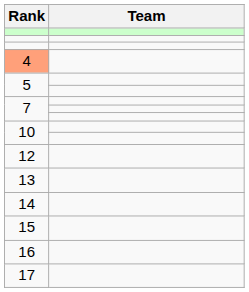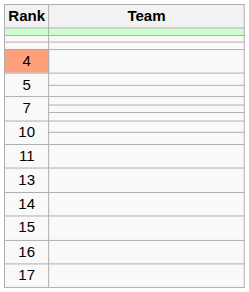 <table class="wikitable" style="text-align:center">
 <tr>
 <th width=40>Rank</th>
 <th width=200>Team</th>
 </tr>
 <tr bgcolor=#ccffcc>
 <td></td>
 <td style="text-align:left"></td>
 </tr>
 <tr>
 <td></td>
 <td style="text-align:left"></td>
 </tr>
 <tr>
 <td></td>
 <td style="text-align:left"></td>
 </tr>
 <tr>
 <td style="background: lightsalmon;">4</td>
 <td style="text-align:left"></td>
 </tr>
 <tr>
 <td rowspan=2>5</td>
 <td style="text-align:left"></td>
 </tr>
 <tr>
 <td style="text-align:left"></td>
 </tr>
 <tr>
 <td rowspan=3>7</td>
 <td style="text-align:left"></td>
 </tr>
 <tr>
 <td style="text-align:left"></td>
 </tr>
 <tr>
 <td style="text-align:left"></td>
 </tr>
 <tr>
 <td rowspan=2>10</td>
 <td style="text-align:left"></td>
 </tr>
 <tr>
 <td style="text-align:left"></td>
 </tr>
 <tr>
-<td>12</td>
+<td>11</td>
 <td style="text-align:left"></td>
 </tr>
 <tr>
 <td>13</td>
 <td style="text-align:left"></td>
 </tr>
 <tr>
 <td>14</td>
 <td style="text-align:left"></td>
 </tr>
 <tr>
 <td>15</td>
 <td style="text-align:left"></td>
 </tr>
 <tr>
 <td>16</td>
 <td style="text-align:left"></td>
 </tr>
 <tr>
 <td>17</td>
 <td style="text-align:left"></td>
 </tr>
 </table>
